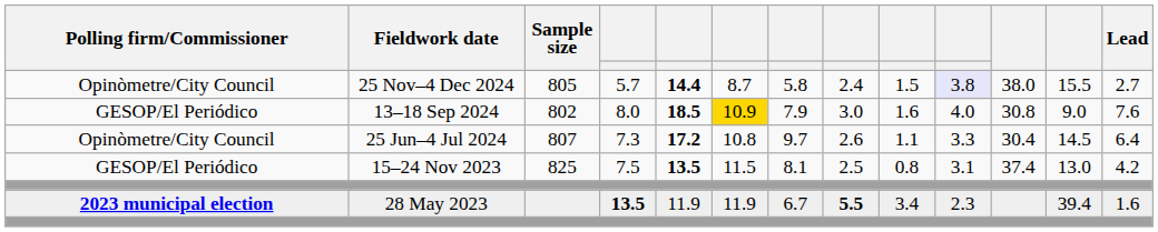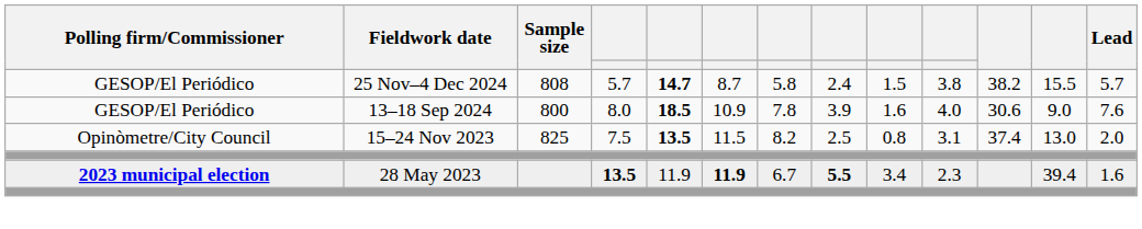 <table class="wikitable collapsible collapsed" style="text-align:center; font-size:90%; line-height:14px;">
 <tr style="height:42px;">
 <th style="width:250px;" rowspan="2">Polling firm/Commissioner</th>
 <th style="width:125px;" rowspan="2">Fieldwork date</th>
 <th style="width:50px;" rowspan="2">Sample size</th>
 <th style="width:35px;"></th>
 <th style="width:35px;"></th>
 <th style="width:35px;"></th>
 <th style="width:35px;"></th>
 <th style="width:35px;"></th>
 <th style="width:35px;"></th>
 <th style="width:35px;"></th>
 <th style="width:35px;" rowspan="2"></th>
 <th style="width:35px;" rowspan="2"></th>
 <th style="width:30px;" rowspan="2">Lead</th>
 </tr>
 <tr>
 <th style="color:inherit;background:"></th>
 <th style="color:inherit;background:"></th>
 <th style="color:inherit;background:"></th>
 <th style="color:inherit;background:"></th>
 <th style="color:inherit;background:"></th>
 <th style="color:inherit;background:"></th>
 <th style="color:inherit;background:"></th>
 </tr>
 <tr>
-<td>Opinòmetre/City Council</td>
+<td>GESOP/El Periódico</td>
 <td>25 Nov–4 Dec 2024</td>
-<td>805</td>
+<td>808</td>
 <td>5.7</td>
-<td><strong>14.4</strong></td>
+<td><strong>14.7</strong></td>
 <td>8.7</td>
 <td>5.8</td>
 <td>2.4</td>
 <td>1.5</td>
-<td style="background: lavender;">3.8</td>
-<td>38.0</td>
+<td>3.8</td>
+<td>38.2</td>
 <td>15.5</td>
-<td style="background:">2.7</td>
+<td style="background:">5.7</td>
 </tr>
 <tr>
 <td>GESOP/El Periódico</td>
 <td>13–18 Sep 2024</td>
-<td>802</td>
+<td>800</td>
 <td>8.0</td>
 <td><strong>18.5</strong></td>
-<td style="background: gold;">10.9</td>
-<td>7.9</td>
-<td>3.0</td>
+<td>10.9</td>
+<td>7.8</td>
+<td>3.9</td>
 <td>1.6</td>
 <td>4.0</td>
-<td>30.8</td>
+<td>30.6</td>
 <td>9.0</td>
 <td style="background:">7.6</td>
 </tr>
 <tr>
 <td>Opinòmetre/City Council</td>
-<td>25 Jun–4 Jul 2024</td>
-<td>807</td>
-<td>7.3</td>
-<td><strong>17.2</strong></td>
-<td>10.8</td>
-<td>9.7</td>
-<td>2.6</td>
-<td>1.1</td>
-<td>3.3</td>
-<td>30.4</td>
-<td>14.5</td>
-<td style="background:">6.4</td>
-</tr>
-<tr>
-<td>GESOP/El Periódico</td>
 <td>15–24 Nov 2023</td>
 <td>825</td>
 <td>7.5</td>
 <td><strong>13.5</strong></td>
 <td>11.5</td>
-<td>8.1</td>
+<td>8.2</td>
 <td>2.5</td>
 <td>0.8</td>
 <td>3.1</td>
 <td>37.4</td>
 <td>13.0</td>
-<td style="background:">4.2</td>
+<td style="background:">2.0</td>
 </tr>
 <tr>
 <td colspan="13" style="background:#A0A0A0"></td>
 </tr>
 <tr style="background:#EFEFEF;">
 <td><strong><a href='#'>2023 municipal election</a></strong></td>
 <td>28 May 2023</td>
 <td></td>
 <td><strong>13.5</strong></td>
 <td>11.9</td>
-<td>11.9</td>
+<td><strong>11.9</strong></td>
 <td>6.7</td>
 <td><strong>5.5</strong></td>
 <td>3.4</td>
 <td>2.3</td>
 <td></td>
 <td>39.4</td>
 <td style="background:">1.6</td>
 </tr>
 <tr>
 <td colspan="13" style="background:#A0A0A0"></td>
 </tr>
 </table>
